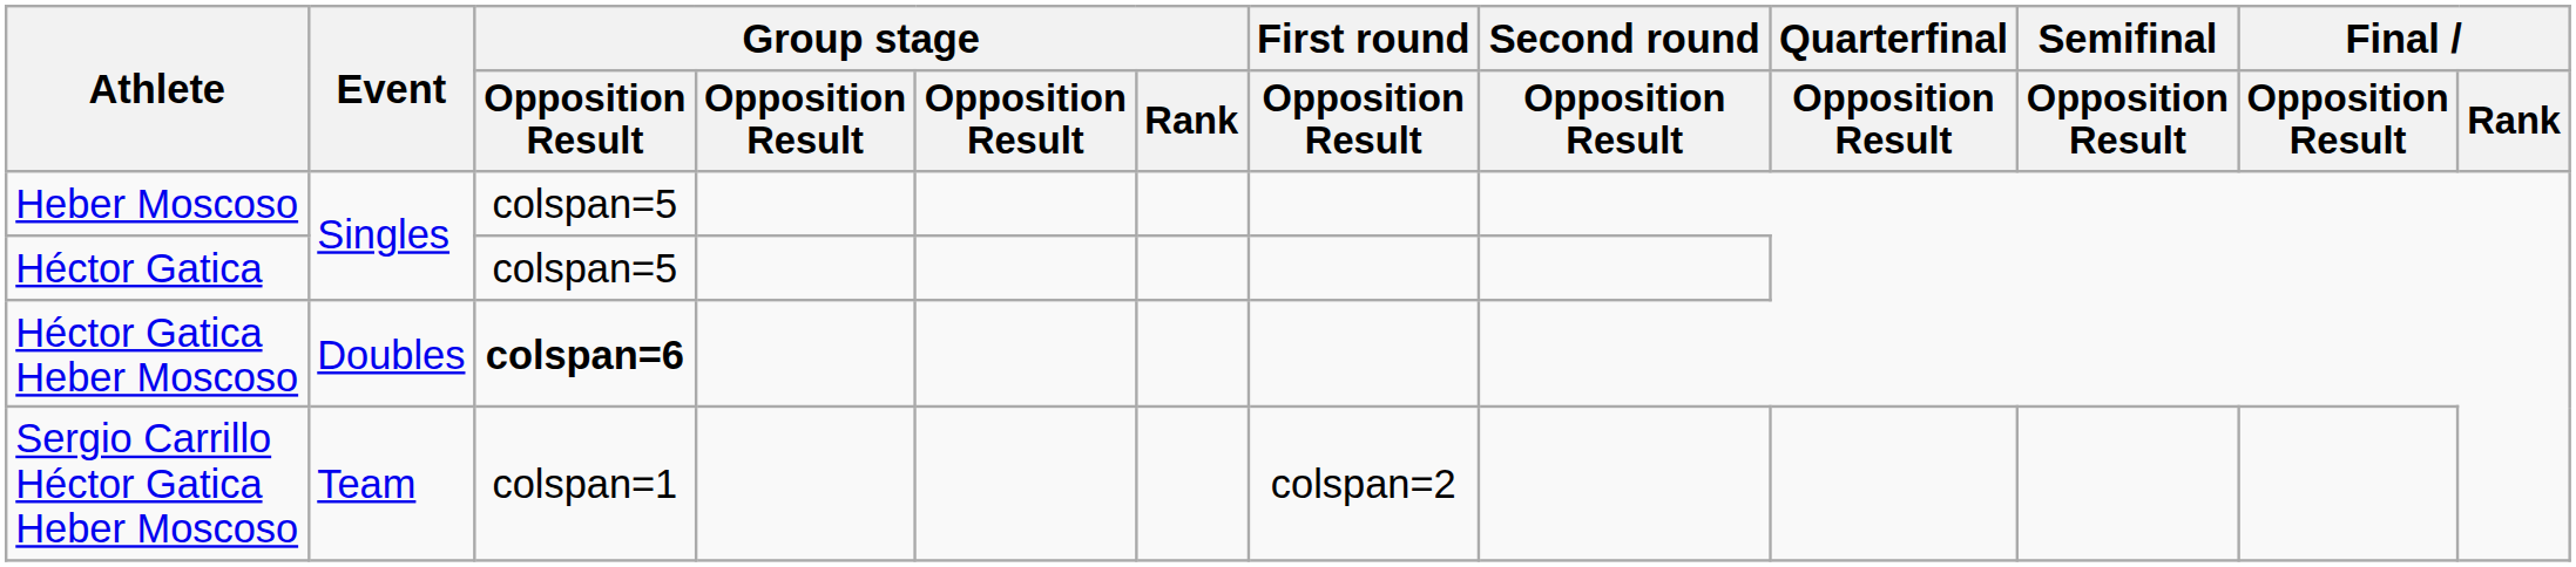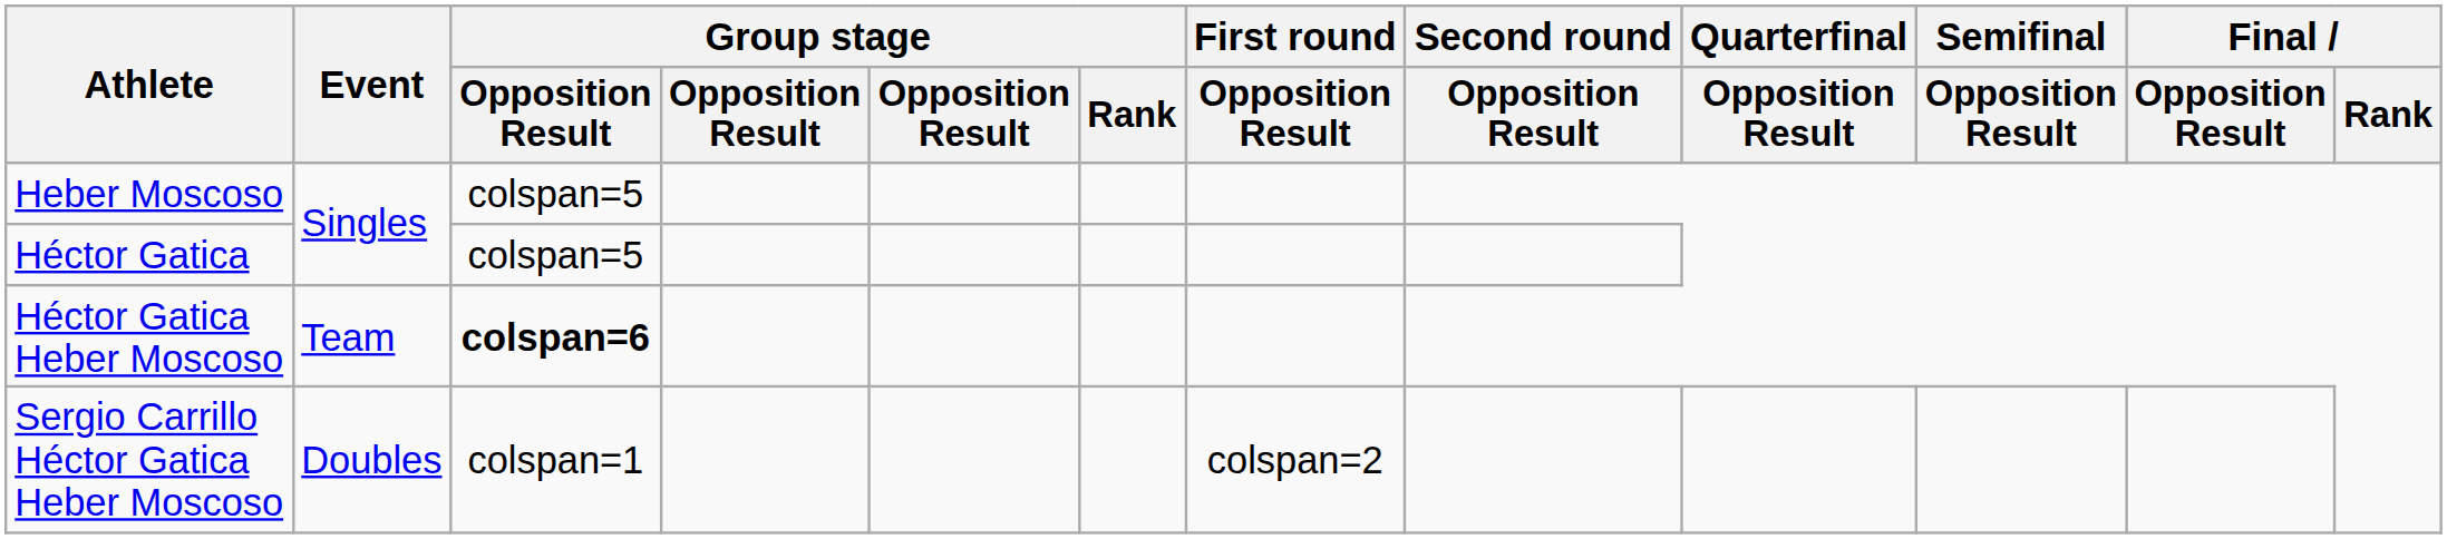 <table class=wikitable style=font-size:90%;text-align:center>
 <tr>
 <th rowspan=2>Athlete</th>
 <th rowspan=2>Event</th>
 <th colspan=4>Group stage</th>
 <th>First round</th>
 <th>Second round</th>
 <th>Quarterfinal</th>
 <th>Semifinal</th>
 <th colspan=2>Final / </th>
 </tr>
 <tr style=font-size:95%>
 <th>Opposition<br>Result</th>
 <th>Opposition<br>Result</th>
 <th>Opposition<br>Result</th>
 <th>Rank</th>
 <th>Opposition<br>Result</th>
 <th>Opposition<br>Result</th>
 <th>Opposition<br>Result</th>
 <th>Opposition<br>Result</th>
 <th>Opposition<br>Result</th>
 <th>Rank</th>
 </tr>
 <tr>
 <td align=left><a href='#'>Heber Moscoso</a></td>
 <td align=left rowspan=2><a href='#'>Singles</a></td>
 <td>colspan=5 </td>
 <td></td>
 <td></td>
 <td></td>
 <td></td>
 </tr>
 <tr>
 <td align=left><a href='#'>Héctor Gatica</a></td>
 <td>colspan=5 </td>
 <td></td>
 <td></td>
 <td></td>
 <td></td>
 <td></td>
 </tr>
 <tr>
 <td align=left><a href='#'>Héctor Gatica</a><br><a href='#'>Heber Moscoso</a></td>
-<td align=left><a href='#'>Doubles</a></td>
+<td align=left><a href='#'>Team</a></td>
 <td><strong>colspan=6 </strong></td>
 <td></td>
 <td></td>
 <td></td>
 <td></td>
 </tr>
 <tr>
 <td align=left><a href='#'>Sergio Carrillo</a><br><a href='#'>Héctor Gatica</a><br><a href='#'>Heber Moscoso</a></td>
-<td align=left><a href='#'>Team</a></td>
+<td align=left><a href='#'>Doubles</a></td>
 <td>colspan=1 </td>
 <td></td>
 <td></td>
 <td></td>
 <td>colspan=2 </td>
 <td></td>
 <td></td>
 <td></td>
 <td></td>
 </tr>
 </table>
